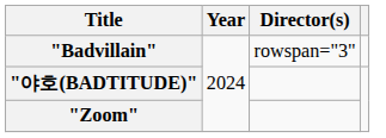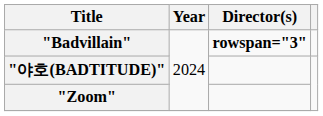 <table class="wikitable plainrowheaders" style="text-align:center">
 <tr>
 <th scope="col">Title</th>
 <th scope="col">Year</th>
 <th scope="col">Director(s)</th>
 <th scope="col"></th>
 </tr>
 <tr>
 <th scope="row">"Badvillain"</th>
 <td rowspan="3">2024</td>
-<td>rowspan="3" </td>
+<td><strong>rowspan="3" </strong></td>
 <td></td>
 </tr>
 <tr>
 <th scope="row">"야호(BADTITUDE)"</th>
 <td></td>
 </tr>
 <tr>
 <th scope="row">"Zoom"</th>
 <td></td>
 </tr>
 <tr>
 </tr>
 </table>
